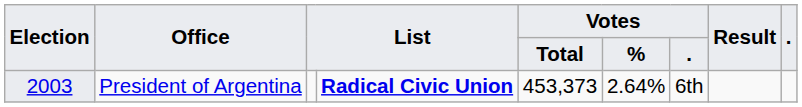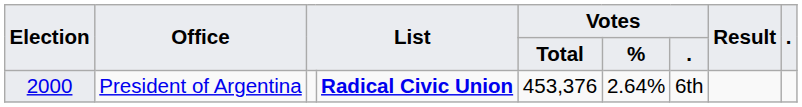 <table class="wikitable" style="font-size:90%; text-align:center;">
 <tr>
 <th style="background-color:#EAECF0;" rowspan=2>Election</th>
 <th style="background-color:#EAECF0;" rowspan=2>Office</th>
 <th style="background-color:#EAECF0;" colspan=2 rowspan=2>List</th>
 <th style="background-color:#EAECF0;" colspan=3>Votes</th>
 <th style="background-color:#EAECF0;" rowspan=2>Result</th>
 <th style="background-color:#EAECF0;" rowspan=2>.</th>
 </tr>
 <tr>
 <th style="background-color:#EAECF0;">Total</th>
 <th style="background-color:#EAECF0;">%</th>
 <th style="background-color:#EAECF0;">.</th>
 </tr>
 <tr>
-<td style="background-color:#EAECF0;"><a href='#'>2003</a></td>
+<td style="background-color:#EAECF0;"><a href='#'>2000</a></td>
 <td><a href='#'>President of Argentina</a></td>
 <td style="background-color:"></td>
 <td><strong><a href='#'>Radical Civic Union</a></strong></td>
-<td>453,373</td>
+<td>453,376</td>
 <td>2.64%</td>
 <td>6th</td>
 <td></td>
 <td></td>
 </tr>
 </table>
